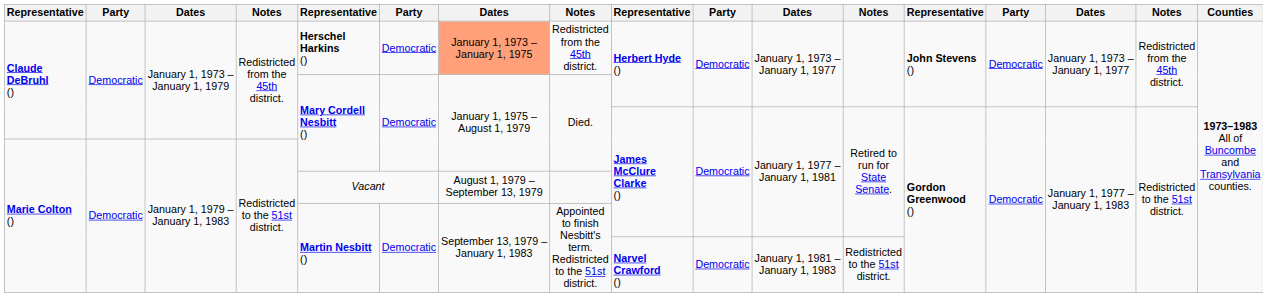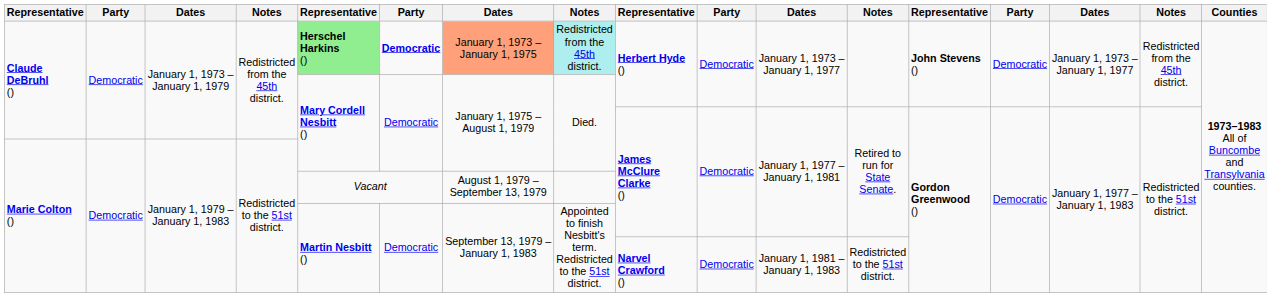 <table class=wikitable style="text-align:center">
 <tr>
 <th>Representative</th>
 <th>Party</th>
 <th>Dates</th>
 <th>Notes</th>
 <th>Representative</th>
 <th>Party</th>
 <th>Dates</th>
 <th>Notes</th>
 <th>Representative</th>
 <th>Party</th>
 <th>Dates</th>
 <th>Notes</th>
 <th>Representative</th>
 <th>Party</th>
 <th>Dates</th>
 <th>Notes</th>
 <th>Counties</th>
 </tr>
 <tr style="height:3em">
 <td rowspan=3 align=left><strong><a href='#'>Claude DeBruhl</a></strong><br>()</td>
 <td rowspan=3 ><a href='#'>Democratic</a></td>
 <td rowspan=3 nowrap>January 1, 1973 – <br> January 1, 1979</td>
 <td rowspan=3>Redistricted from the <a href='#'>45th</a> district.</td>
-<td align=left><strong>Herschel Harkins</strong><br>()</td>
-<td><a href='#'>Democratic</a></td>
+<td align=left style="background: lightgreen;"><strong>Herschel Harkins</strong><br>()</td>
+<td><strong><a href='#'>Democratic</a></strong></td>
 <td nowrap style="background: lightsalmon;">January 1, 1973 – <br> January 1, 1975</td>
-<td>Redistricted from the <a href='#'>45th</a> district.</td>
+<td style="background: paleturquoise;">Redistricted from the <a href='#'>45th</a> district.</td>
 <td rowspan=2 align=left><strong><a href='#'>Herbert Hyde</a></strong><br>()</td>
 <td rowspan=2 ><a href='#'>Democratic</a></td>
 <td rowspan=2 nowrap>January 1, 1973 – <br> January 1, 1977</td>
 <td rowspan=2></td>
 <td rowspan=2 align=left><strong>John Stevens</strong><br>()</td>
 <td rowspan=2 ><a href='#'>Democratic</a></td>
 <td rowspan=2 nowrap>January 1, 1973 – <br> January 1, 1977</td>
 <td rowspan=2>Redistricted from the <a href='#'>45th</a> district.</td>
 <td rowspan=7><strong>1973–1983</strong> <br> All of <a href='#'>Buncombe</a> and <a href='#'>Transylvania</a> counties.</td>
 </tr>
 <tr style="height:3em">
 <td rowspan=3 align=left><strong><a href='#'>Mary Cordell Nesbitt</a></strong><br>()</td>
 <td rowspan=3 ><a href='#'>Democratic</a></td>
 <td rowspan=3 nowrap>January 1, 1975 – <br> August 1, 1979</td>
 <td rowspan=3>Died.</td>
 </tr>
 <tr style="height:3em">
 <td rowspan=4 align=left><br><strong><a href='#'>James McClure Clarke</a></strong><br>()</td>
 <td rowspan=4 ><a href='#'>Democratic</a></td>
 <td rowspan=4 nowrap>January 1, 1977 – <br> January 1, 1981</td>
 <td rowspan=4>Retired to run for <a href='#'>State Senate</a>.</td>
 <td rowspan=5 align=left><strong>Gordon Greenwood</strong><br>()</td>
 <td rowspan=5 ><a href='#'>Democratic</a></td>
 <td rowspan=5 nowrap>January 1, 1977 – <br> January 1, 1983</td>
 <td rowspan=5>Redistricted to the <a href='#'>51st</a> district.</td>
 </tr>
 <tr style="height:3em">
 <td rowspan=4 align=left><strong><a href='#'>Marie Colton</a></strong><br>()</td>
 <td rowspan=4 ><a href='#'>Democratic</a></td>
 <td rowspan=4 nowrap>January 1, 1979 – <br> January 1, 1983</td>
 <td rowspan=4>Redistricted to the <a href='#'>51st</a> district.</td>
 </tr>
 <tr style="height:3em">
 <td colspan=2 align=center><em>Vacant</em></td>
 <td nowrap>August 1, 1979 – <br> September 13, 1979</td>
 <td></td>
 </tr>
 <tr style="height:3em">
 <td rowspan=2 align=left><br><strong><a href='#'>Martin Nesbitt</a></strong><br>()</td>
 <td rowspan=2 ><a href='#'>Democratic</a></td>
 <td rowspan=2 nowrap>September 13, 1979 – <br> January 1, 1983</td>
 <td rowspan=2>Appointed to finish Nesbitt's term. <br> Redistricted to the <a href='#'>51st</a> district.</td>
 </tr>
 <tr style="height:3em">
 <td align=left><br><strong><a href='#'>Narvel Crawford</a></strong><br>()</td>
 <td><a href='#'>Democratic</a></td>
 <td nowrap>January 1, 1981 – <br> January 1, 1983</td>
 <td>Redistricted to the <a href='#'>51st</a> district.</td>
 </tr>
 </table>
